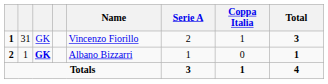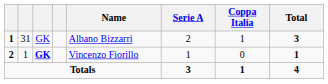 <table class="wikitable" style="text-align:center">
 <tr>
 <th width=15></th>
 <th width=15></th>
 <th width=15></th>
 <th width=15></th>
 <th width=145>Name</th>
 <th width=80><a href='#'>Serie A</a></th>
 <th width=80><a href='#'>Coppa Italia</a></th>
 <th width=80>Total</th>
 </tr>
 <tr>
 <td><strong>1</strong></td>
 <td>31</td>
 <td><a href='#'>GK</a></td>
 <td></td>
-<td align=left><a href='#'>Vincenzo Fiorillo</a></td>
+<td align=left><a href='#'>Albano Bizzarri</a></td>
 <td>2</td>
 <td>1</td>
 <td><strong>3</strong></td>
 </tr>
 <tr>
 <td><strong>2</strong></td>
 <td>1</td>
 <td><strong><a href='#'>GK</a></strong></td>
 <td></td>
-<td align=left><a href='#'>Albano Bizzarri</a></td>
+<td align=left><a href='#'>Vincenzo Fiorillo</a></td>
 <td>1</td>
 <td>0</td>
 <td><strong>1</strong></td>
 </tr>
 <tr>
 <td colspan=5><strong>Totals</strong></td>
 <td><strong>3</strong></td>
 <td><strong>1</strong></td>
 <td><strong>4</strong></td>
 </tr>
 </table>
